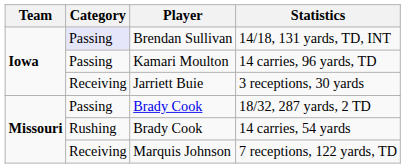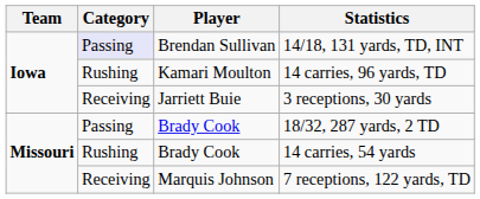 <table class="wikitable" style="float: right;">
 <tr>
 <th>Team</th>
 <th>Category</th>
 <th>Player</th>
 <th>Statistics</th>
 </tr>
 <tr>
 <td rowspan=3><strong>Iowa</strong></td>
 <td style="background: lavender;">Passing</td>
 <td>Brendan Sullivan</td>
 <td>14/18, 131 yards, TD, INT</td>
 </tr>
 <tr>
-<td>Passing</td>
+<td>Rushing</td>
 <td>Kamari Moulton</td>
 <td>14 carries, 96 yards, TD</td>
 </tr>
 <tr>
 <td>Receiving</td>
 <td>Jarriett Buie</td>
 <td>3 receptions, 30 yards</td>
 </tr>
 <tr>
 <td rowspan=3><strong>Missouri</strong></td>
 <td>Passing</td>
 <td><a href='#'>Brady Cook</a></td>
 <td>18/32, 287 yards, 2 TD</td>
 </tr>
 <tr>
 <td>Rushing</td>
 <td>Brady Cook</td>
 <td>14 carries, 54 yards</td>
 </tr>
 <tr>
 <td>Receiving</td>
 <td>Marquis Johnson</td>
 <td>7 receptions, 122 yards, TD</td>
 </tr>
 </table>
